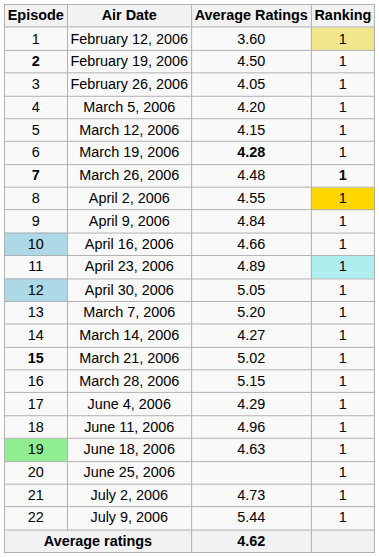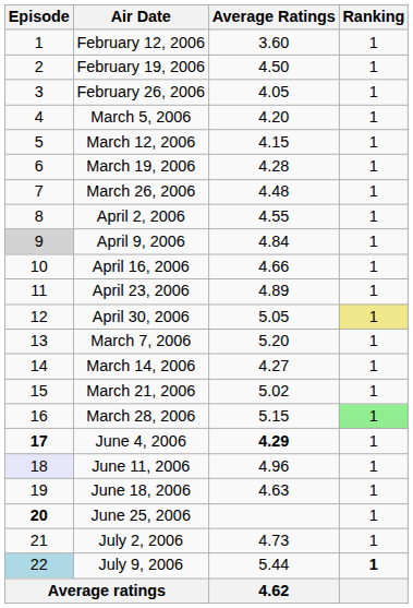 <table class="wikitable">
 <tr align="center">
 <th>Episode</th>
 <th>Air Date</th>
 <th>Average Ratings</th>
 <th>Ranking</th>
 </tr>
 <tr align="center">
 <td>1</td>
 <td>February 12, 2006</td>
 <td>3.60</td>
-<td style="background: khaki;">1</td>
+<td>1</td>
 </tr>
 <tr align="center">
-<td><strong>2</strong></td>
+<td>2</td>
 <td>February 19, 2006</td>
 <td>4.50</td>
 <td>1</td>
 </tr>
 <tr align="center">
 <td>3</td>
 <td>February 26, 2006</td>
 <td>4.05</td>
 <td>1</td>
 </tr>
 <tr align="center">
 <td>4</td>
 <td>March 5, 2006</td>
 <td>4.20</td>
 <td>1</td>
 </tr>
 <tr align="center">
 <td>5</td>
 <td>March 12, 2006</td>
 <td>4.15</td>
 <td>1</td>
 </tr>
 <tr align="center">
 <td>6</td>
 <td>March 19, 2006</td>
-<td><strong>4.28</strong></td>
+<td>4.28</td>
 <td>1</td>
 </tr>
 <tr align="center">
-<td><strong>7</strong></td>
+<td>7</td>
 <td>March 26, 2006</td>
 <td>4.48</td>
-<td><strong>1</strong></td>
+<td>1</td>
 </tr>
 <tr align="center">
 <td>8</td>
 <td>April 2, 2006</td>
 <td>4.55</td>
-<td style="background: gold;">1</td>
+<td>1</td>
 </tr>
 <tr align="center">
-<td>9</td>
+<td style="background: lightgrey;">9</td>
 <td>April 9, 2006</td>
 <td>4.84</td>
 <td>1</td>
 </tr>
 <tr align="center">
-<td style="background: lightblue;">10</td>
+<td>10</td>
 <td>April 16, 2006</td>
 <td>4.66</td>
 <td>1</td>
 </tr>
 <tr align="center">
 <td>11</td>
 <td>April 23, 2006</td>
 <td>4.89</td>
-<td style="background: paleturquoise;">1</td>
+<td>1</td>
 </tr>
 <tr align="center">
-<td style="background: lightblue;">12</td>
+<td>12</td>
 <td>April 30, 2006</td>
 <td>5.05</td>
-<td>1</td>
+<td style="background: khaki;">1</td>
 </tr>
 <tr align="center">
 <td>13</td>
 <td>March 7, 2006</td>
 <td>5.20</td>
 <td>1</td>
 </tr>
 <tr align="center">
 <td>14</td>
 <td>March 14, 2006</td>
 <td>4.27</td>
 <td>1</td>
 </tr>
 <tr align="center">
-<td><strong>15</strong></td>
+<td>15</td>
 <td>March 21, 2006</td>
 <td>5.02</td>
 <td>1</td>
 </tr>
 <tr align="center">
 <td>16</td>
 <td>March 28, 2006</td>
 <td>5.15</td>
+<td style="background: lightgreen;">1</td>
+</tr>
+<tr align="center">
+<td><strong>17</strong></td>
+<td>June 4, 2006</td>
+<td><strong>4.29</strong></td>
 <td>1</td>
 </tr>
 <tr align="center">
-<td>17</td>
-<td>June 4, 2006</td>
-<td>4.29</td>
-<td>1</td>
-</tr>
-<tr align="center">
-<td>18</td>
+<td style="background: lavender;">18</td>
 <td>June 11, 2006</td>
 <td>4.96</td>
 <td>1</td>
 </tr>
 <tr align="center">
-<td style="background: lightgreen;">19</td>
+<td>19</td>
 <td>June 18, 2006</td>
 <td>4.63</td>
 <td>1</td>
 </tr>
 <tr align="center">
-<td>20</td>
+<td><strong>20</strong></td>
 <td>June 25, 2006</td>
 <td></td>
 <td>1</td>
 </tr>
 <tr align="center">
 <td>21</td>
 <td>July 2, 2006</td>
 <td>4.73</td>
 <td>1</td>
 </tr>
 <tr align="center">
-<td>22</td>
+<td style="background: lightblue;">22</td>
 <td>July 9, 2006</td>
 <td>5.44</td>
-<td>1</td>
+<td><strong>1</strong></td>
 </tr>
 <tr align="center">
 <th colspan=2><strong>Average ratings</strong></th>
 <th><strong>4.62</strong></th>
 <th></th>
 </tr>
 </table>
